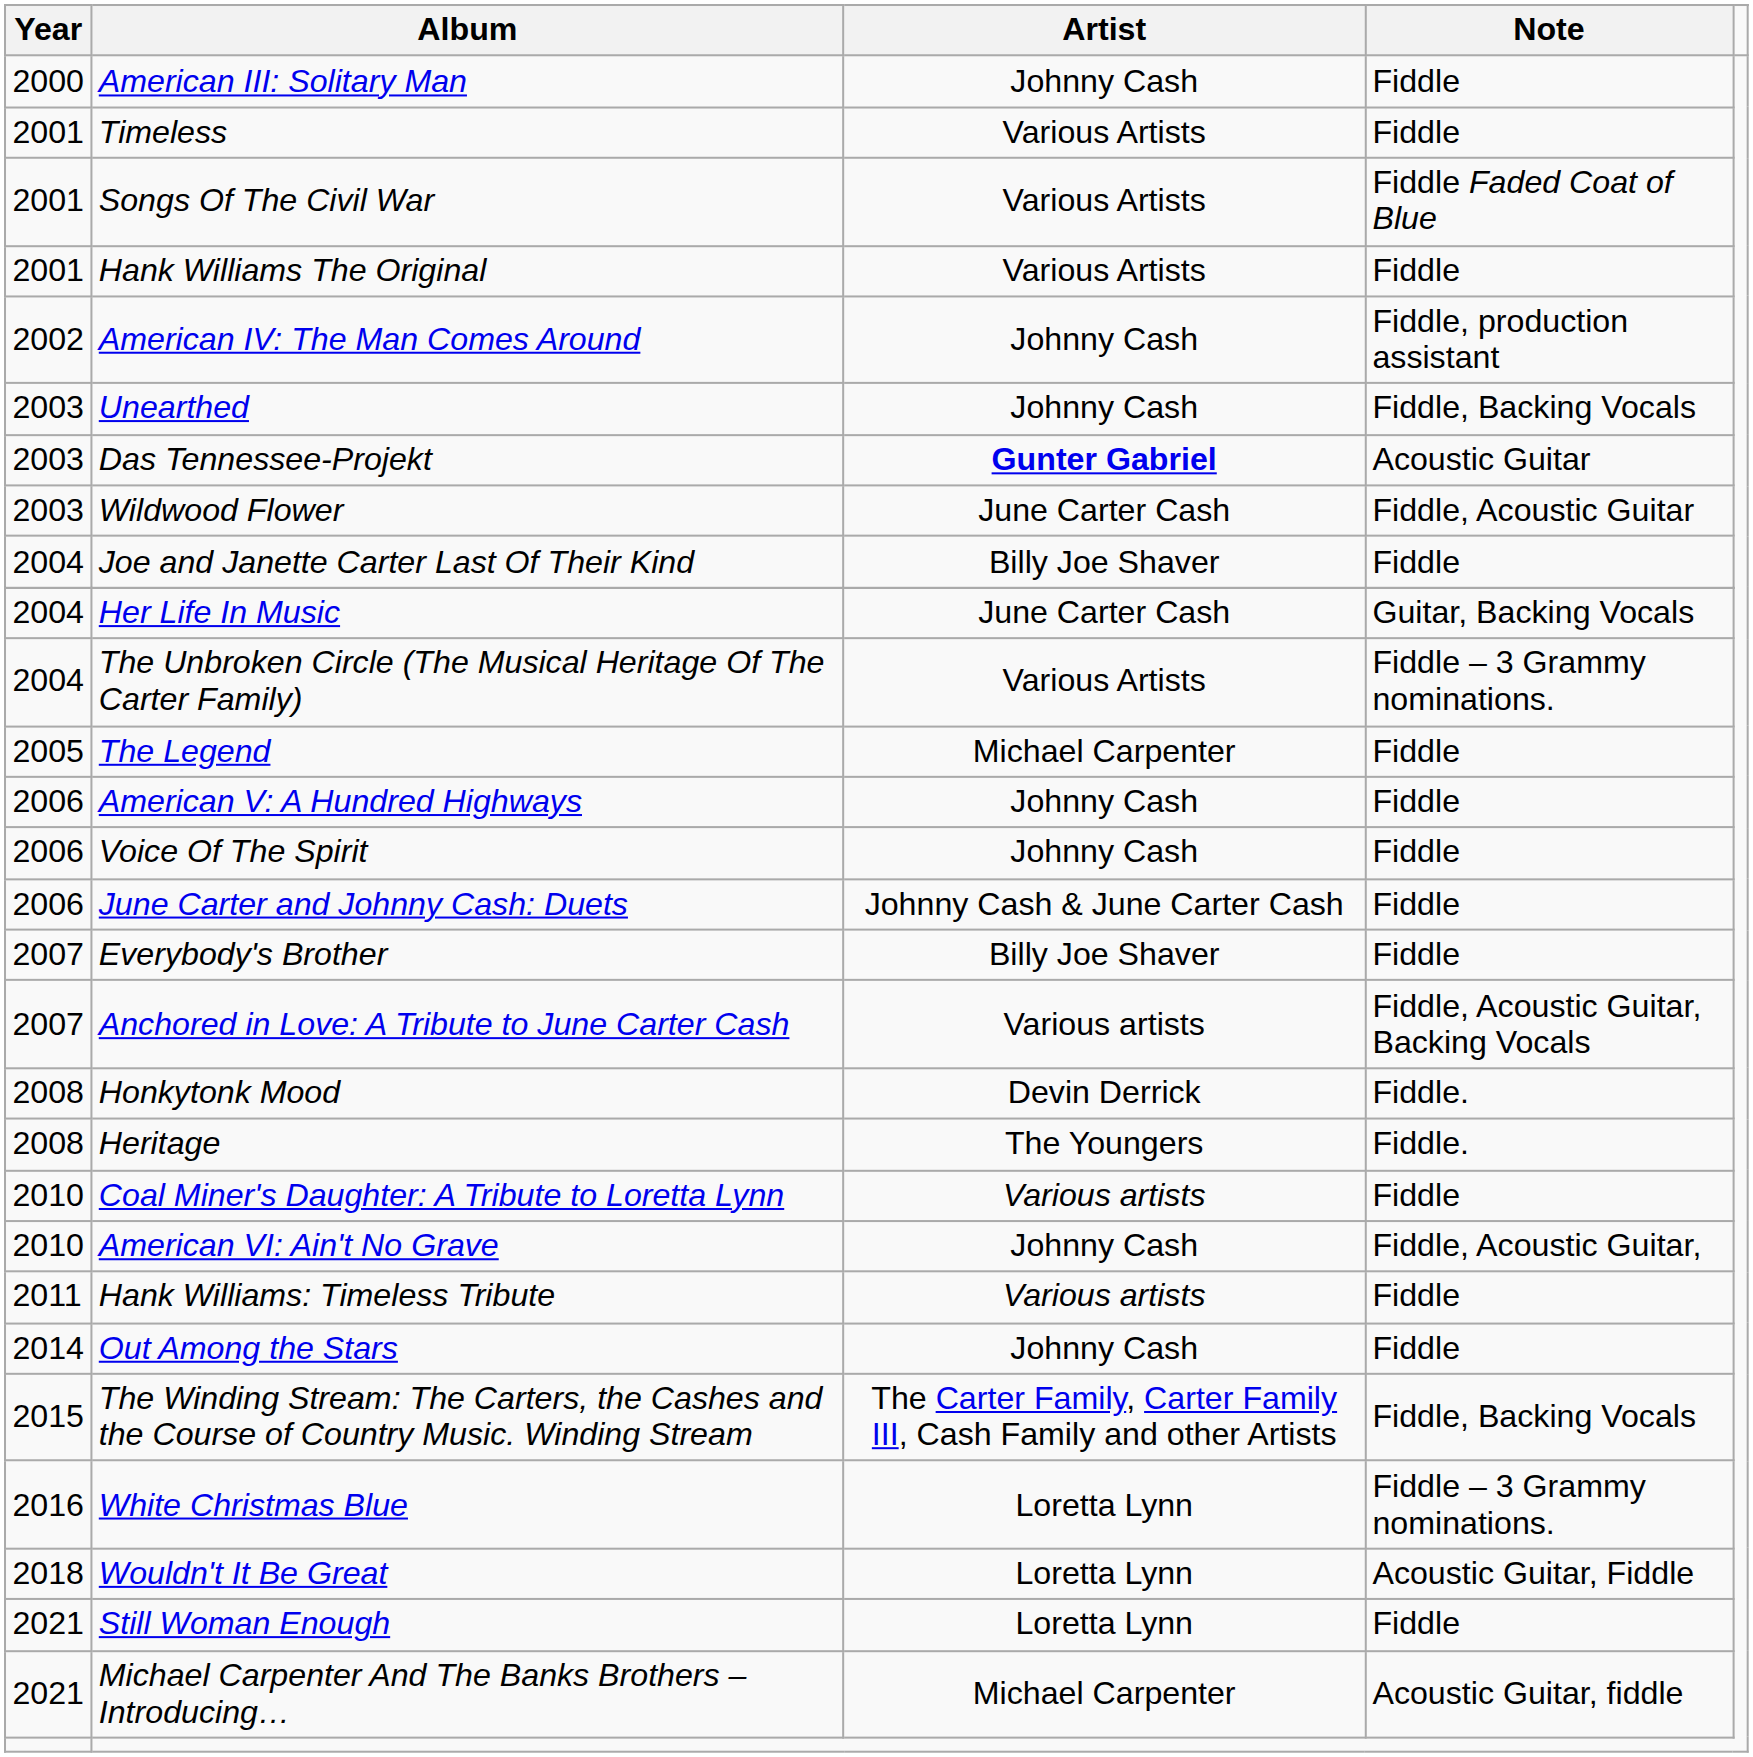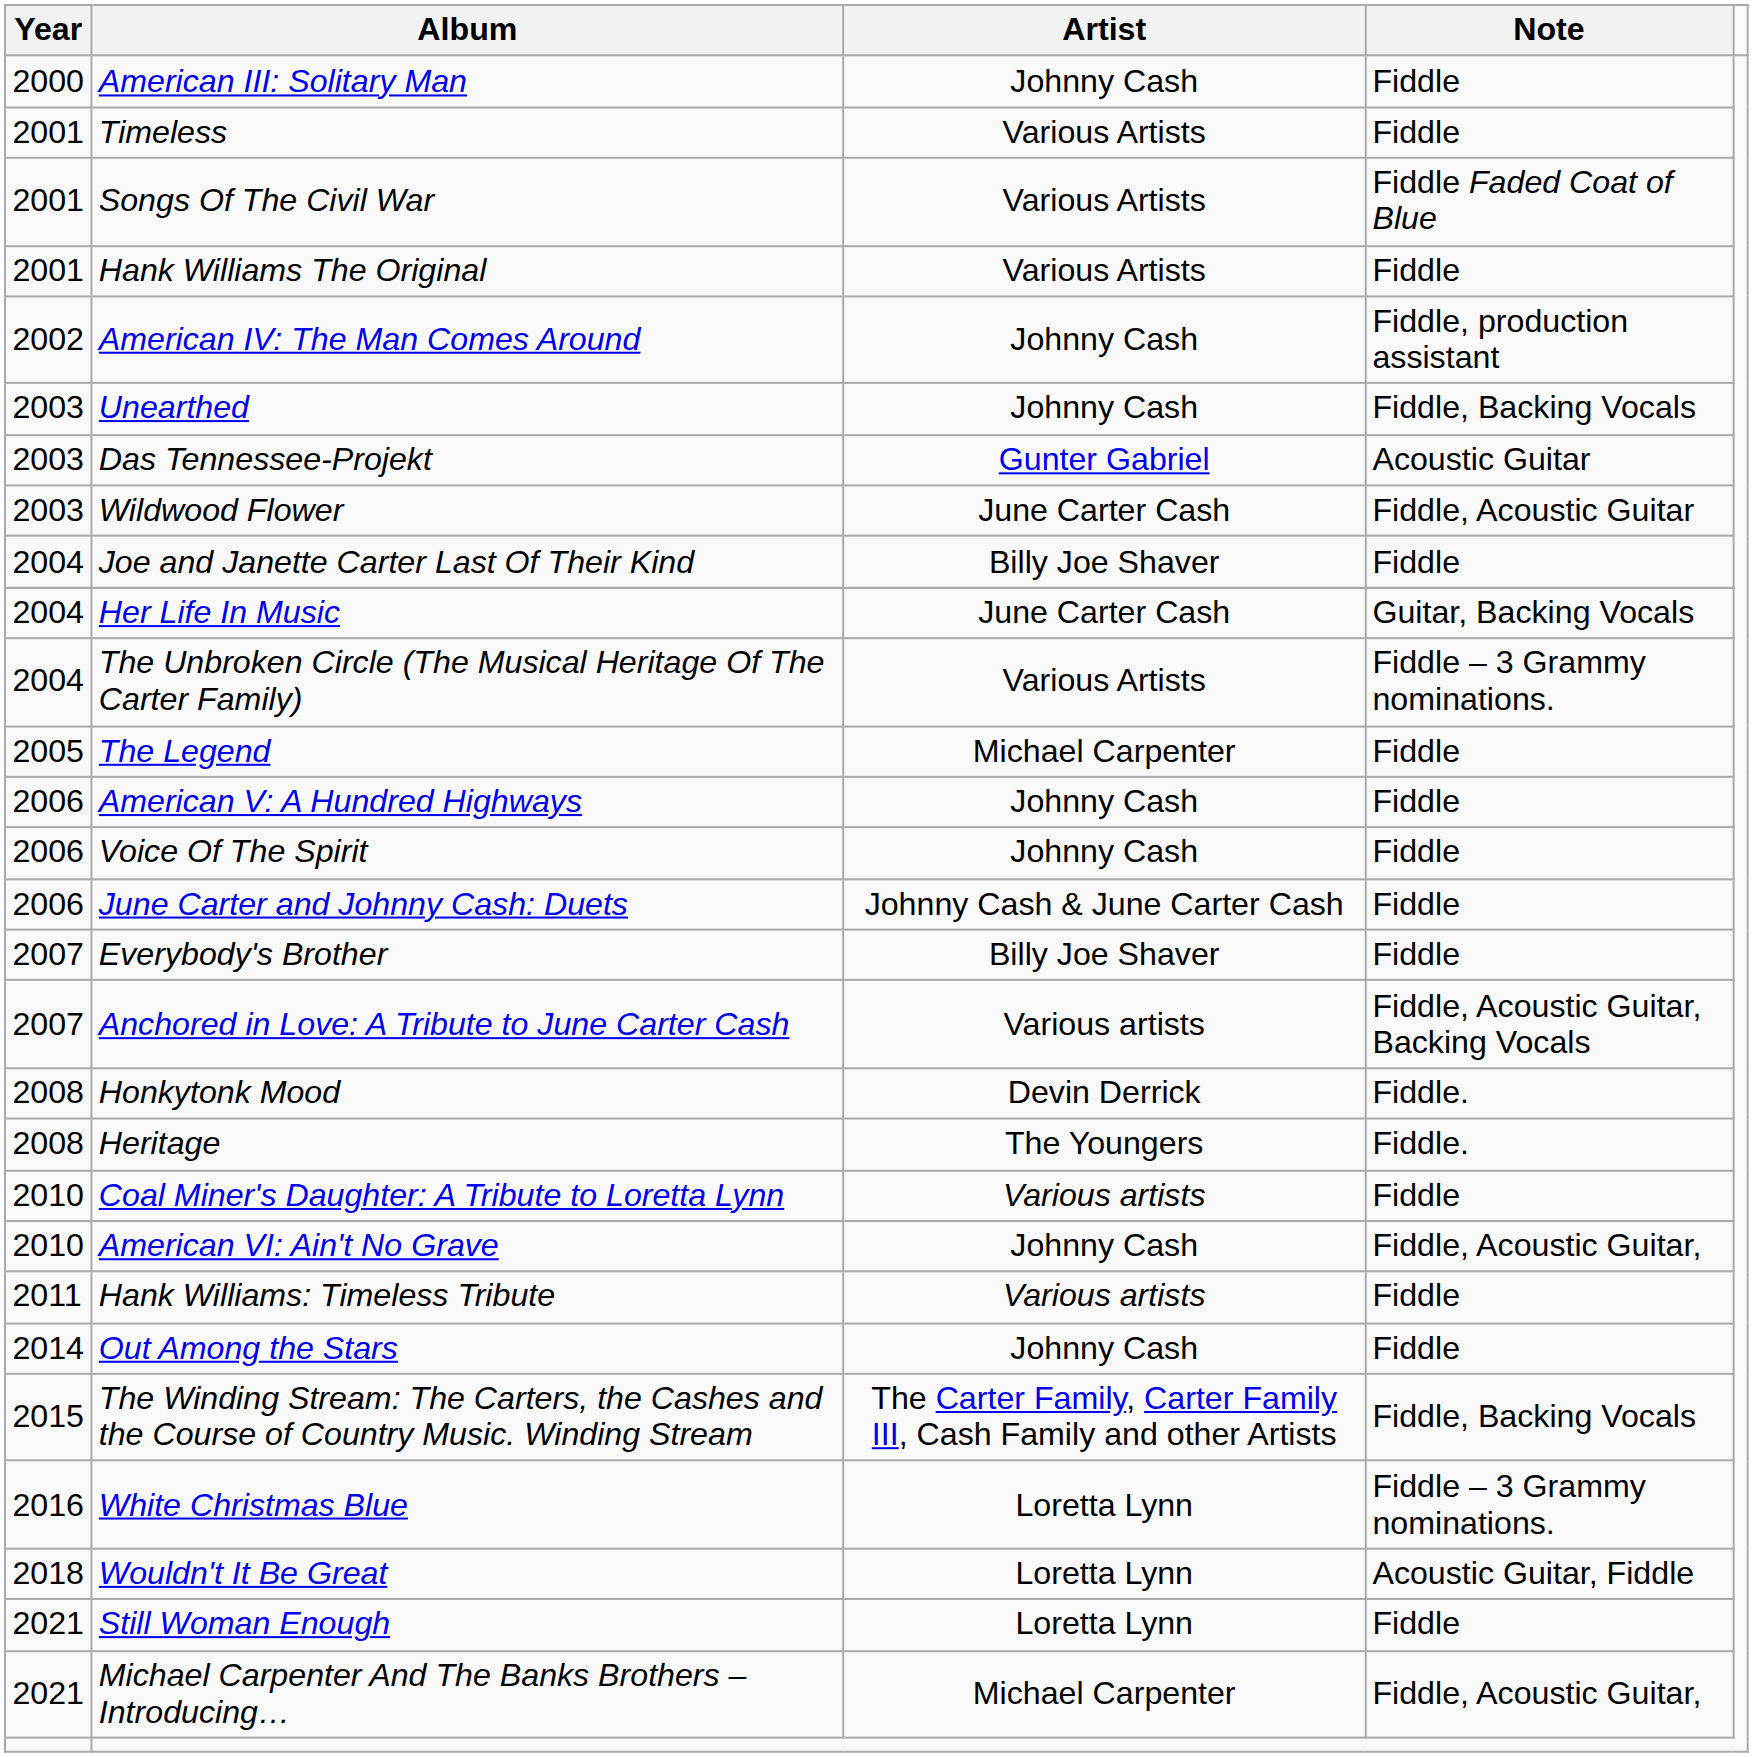 <table class="wikitable">
 <tr>
 <th rowspan="2">Year</th>
 <th rowspan="2">Album</th>
 <th rowspan="2">Artist</th>
 <th rowspan="2">Note</th>
 </tr>
 <tr>
 <td></td>
 </tr>
 <tr>
 <td>2000</td>
 <td><em><a href='#'>American III: Solitary Man</a></em></td>
 <td style="text-align:center;">Johnny Cash</td>
 <td>Fiddle</td>
 </tr>
 <tr>
 <td>2001</td>
 <td><em>Timeless</em></td>
 <td style="text-align:center;">Various Artists</td>
 <td>Fiddle</td>
 </tr>
 <tr>
 <td>2001</td>
 <td><em>Songs Of The Civil War</em></td>
 <td style="text-align:center;">Various Artists</td>
 <td>Fiddle <em>Faded Coat of Blue</em></td>
 </tr>
 <tr>
 <td>2001</td>
 <td><em>Hank Williams The Original</em></td>
 <td style="text-align:center;">Various Artists</td>
 <td>Fiddle</td>
 </tr>
 <tr>
 <td>2002</td>
 <td><em><a href='#'>American IV: The Man Comes Around</a></em></td>
 <td style="text-align:center;">Johnny Cash</td>
 <td>Fiddle, production assistant</td>
 </tr>
 <tr>
 <td>2003</td>
 <td><em><a href='#'>Unearthed</a></em></td>
 <td style="text-align:center;">Johnny Cash</td>
 <td>Fiddle, Backing Vocals</td>
 </tr>
 <tr>
 <td>2003</td>
 <td><em>Das Tennessee-Projekt</em></td>
-<td style="text-align:center;"><strong><a href='#'>Gunter Gabriel</a></strong></td>
+<td style="text-align:center;"><a href='#'>Gunter Gabriel</a></td>
 <td>Acoustic Guitar </td>
 </tr>
 <tr>
 <td>2003</td>
 <td><em>Wildwood Flower</em></td>
 <td style="text-align:center;">June Carter Cash</td>
 <td>Fiddle, Acoustic Guitar</td>
 </tr>
 <tr>
 <td>2004</td>
 <td><em>Joe and Janette Carter Last Of Their Kind</em></td>
 <td style="text-align:center;">Billy Joe Shaver</td>
 <td>Fiddle</td>
 </tr>
 <tr>
 </tr>
 <tr>
 <td>2004</td>
 <td><em><a href='#'>Her Life In Music</a></em></td>
 <td style="text-align:center;">June Carter Cash</td>
 <td>Guitar, Backing Vocals</td>
 </tr>
 <tr>
 <td>2004</td>
 <td><em>The Unbroken Circle (The Musical Heritage Of The Carter Family)</em></td>
 <td style="text-align:center;">Various Artists</td>
 <td>Fiddle – 3 Grammy nominations.</td>
 </tr>
 <tr>
 <td>2005</td>
 <td><em><a href='#'>The Legend</a></em></td>
 <td style="text-align:center;">Michael Carpenter</td>
 <td>Fiddle</td>
 </tr>
 <tr>
 <td>2006</td>
 <td><em><a href='#'>American V: A Hundred Highways</a></em></td>
 <td style="text-align:center;">Johnny Cash</td>
 <td>Fiddle</td>
 </tr>
 <tr>
 <td>2006</td>
 <td><em>Voice Of The Spirit </em></td>
 <td style="text-align:center;">Johnny Cash</td>
 <td>Fiddle</td>
 </tr>
 <tr>
 <td>2006</td>
 <td><em><a href='#'>June Carter and Johnny Cash: Duets</a></em></td>
 <td style="text-align:center;">Johnny Cash & June Carter Cash</td>
 <td>Fiddle</td>
 </tr>
 <tr>
 <td>2007</td>
 <td><em>Everybody's Brother</em></td>
 <td style="text-align:center;">Billy Joe Shaver</td>
 <td>Fiddle</td>
 </tr>
 <tr>
 <td>2007</td>
 <td><em><a href='#'>Anchored in Love: A Tribute to June Carter Cash</a></em></td>
 <td style="text-align:center;">Various artists</td>
 <td>Fiddle, Acoustic Guitar, Backing Vocals</td>
 </tr>
 <tr>
 <td>2008</td>
 <td><em>Honkytonk Mood</em></td>
 <td style="text-align:center;">Devin Derrick</td>
 <td>Fiddle.</td>
 </tr>
 <tr>
 <td>2008</td>
 <td><em>Heritage</em></td>
 <td style="text-align:center;">The Youngers</td>
 <td>Fiddle.</td>
 </tr>
 <tr>
 <td>2010</td>
 <td><em><a href='#'>Coal Miner's Daughter: A Tribute to Loretta Lynn</a></em></td>
 <td style="text-align:center;"><em>Various artists</em></td>
 <td>Fiddle</td>
 </tr>
 <tr>
 <td>2010</td>
 <td><em><a href='#'>American VI: Ain't No Grave</a></em></td>
 <td style="text-align:center;">Johnny Cash</td>
 <td>Fiddle, Acoustic Guitar,</td>
 </tr>
 <tr>
 <td>2011</td>
 <td><em>Hank Williams: Timeless Tribute</em></td>
 <td style="text-align:center;"><em>Various artists</em></td>
 <td>Fiddle</td>
 </tr>
 <tr>
 <td>2014</td>
 <td><em><a href='#'>Out Among the Stars</a></em></td>
 <td style="text-align:center;">Johnny Cash</td>
 <td>Fiddle</td>
 </tr>
 <tr>
 <td>2015</td>
 <td><em>The Winding Stream: The Carters, the Cashes and the Course of Country Music. Winding Stream</em></td>
 <td style="text-align:center;">The <a href='#'>Carter Family</a>, <a href='#'>Carter Family III</a>, Cash Family and other Artists</td>
 <td>Fiddle, Backing Vocals</td>
 </tr>
 <tr>
 <td>2016</td>
 <td><em><a href='#'>White Christmas Blue</a></em></td>
 <td style="text-align:center;">Loretta Lynn</td>
 <td>Fiddle – 3 Grammy nominations.</td>
 </tr>
 <tr>
 <td>2018</td>
 <td><em><a href='#'>Wouldn't It Be Great</a></em></td>
 <td style="text-align:center;">Loretta Lynn</td>
 <td>Acoustic Guitar, Fiddle</td>
 </tr>
 <tr>
 <td>2021</td>
 <td><em><a href='#'>Still Woman Enough</a></em></td>
 <td style="text-align:center;">Loretta Lynn</td>
 <td>Fiddle</td>
 </tr>
 <tr>
 <td>2021</td>
 <td><em>Michael Carpenter And The Banks Brothers – Introducing…</em></td>
 <td style="text-align:center;">Michael Carpenter</td>
-<td>Acoustic Guitar, fiddle </td>
+<td>Fiddle, Acoustic Guitar,</td>
 </tr>
 <tr>
 <td></td>
 </tr>
 </table>
